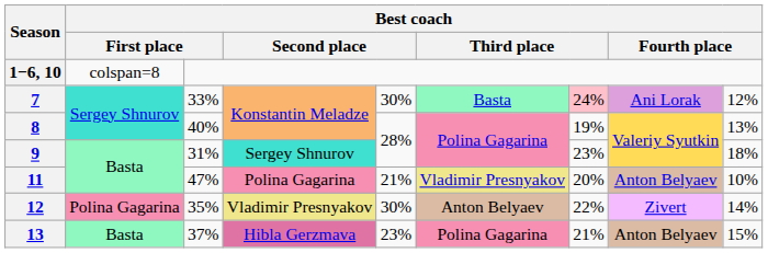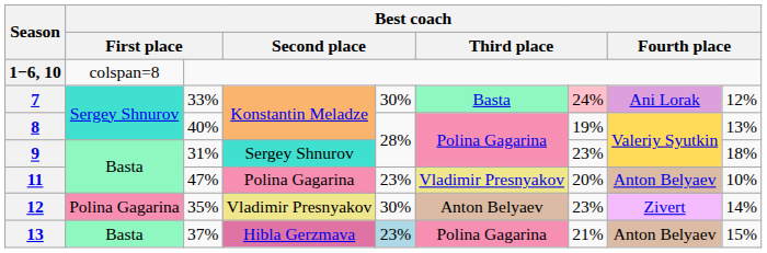 <table class="wikitable" style="text-align:center; font-size:90%; line-height:16px;">
 <tr>
 <th rowspan=2 scope="col">Season</th>
 <th colspan=8 scope="col">Best coach</th>
 </tr>
 <tr>
 <th colspan="2">First place</th>
 <th colspan="2">Second place</th>
 <th colspan="2">Third place</th>
 <th colspan="2">Fourth place</th>
 </tr>
 <tr>
 <th>1−6, 10</th>
 <td>colspan=8 </td>
 </tr>
 <tr>
 <th><a href='#'>7</a></th>
 <td rowspan=2 style="background:turquoise;"><a href='#'>Sergey Shnurov</a></td>
 <td>33%</td>
 <td rowspan=2 style="background:#fbb46e;"><a href='#'>Konstantin Meladze</a></td>
 <td>30%</td>
 <td style="background:#8ff7c0;"><a href='#'>Basta</a></td>
 <td style="background: pink;">24%</td>
 <td style="background:#dda0dd;"><a href='#'>Ani Lorak</a></td>
 <td>12%</td>
 </tr>
 <tr>
 <th><a href='#'>8</a></th>
 <td>40%</td>
 <td rowspan=2>28%</td>
 <td rowspan=2 style="background:#f78fb2;"><a href='#'>Polina Gagarina</a></td>
 <td>19%</td>
 <td rowspan=2 style="background:#ffdb58"><a href='#'>Valeriy Syutkin</a></td>
 <td>13%</td>
 </tr>
 <tr>
 <th><a href='#'>9</a></th>
 <td rowspan=2 style="background:#8ff7c0;">Basta</td>
 <td>31%</td>
 <td style="background:turquoise;">Sergey Shnurov</td>
 <td>23%</td>
 <td>18%</td>
 </tr>
 <tr>
 <th><a href='#'>11</a></th>
 <td>47%</td>
 <td style="background:#f78fb2;">Polina Gagarina</td>
-<td>21%</td>
+<td>23%</td>
 <td style="background:khaki;"><a href='#'>Vladimir Presnyakov</a></td>
 <td>20%</td>
 <td style="background:#dbbba4;"><a href='#'>Anton Belyaev</a></td>
 <td>10%</td>
 </tr>
 <tr>
 <th><a href='#'>12</a></th>
 <td style="background:#f78fb2;">Polina Gagarina</td>
 <td>35%</td>
 <td style="background:khaki;">Vladimir Presnyakov</td>
 <td>30%</td>
 <td style="background:#dbbba4;">Anton Belyaev</td>
-<td>22%</td>
+<td>23%</td>
 <td style="background:#f4bbff"><a href='#'>Zivert</a></td>
 <td>14%</td>
 </tr>
 <tr>
 <th><a href='#'>13</a></th>
 <td style="background:#8ff7c0;">Basta</td>
 <td>37%</td>
 <td style="background:#df74a4;"><a href='#'>Hibla Gerzmava</a></td>
-<td>23%</td>
+<td style="background: lightblue;">23%</td>
 <td style="background:#f78fb2;">Polina Gagarina</td>
 <td>21%</td>
 <td style="background:#dbbba4">Anton Belyaev</td>
 <td>15%</td>
 </tr>
 </table>
